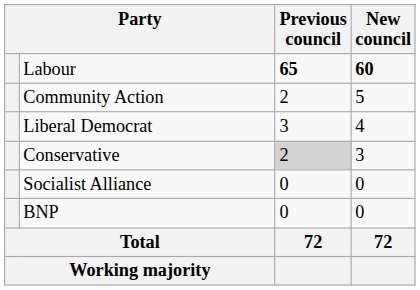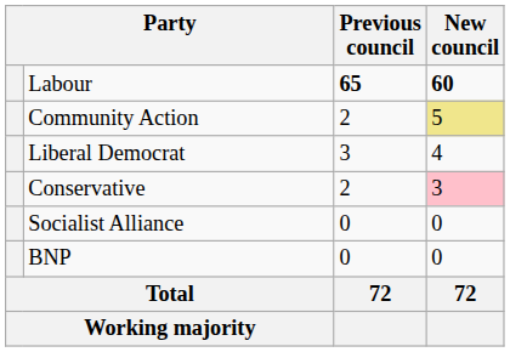 <table class="wikitable">
 <tr>
 <th valign=top colspan="2" style="width: 230px">Party</th>
 <th valign=top style="width: 30px">Previous council</th>
 <th valign=top style="width: 30px">New council</th>
 </tr>
 <tr>
 <th style="background-color: "></th>
 <td>Labour</td>
 <td><strong>65</strong></td>
 <td><strong>60</strong></td>
 </tr>
 <tr>
 <th style="background-color: "></th>
 <td>Community Action</td>
 <td>2</td>
-<td>5</td>
+<td style="background: khaki;">5</td>
 </tr>
 <tr>
 <th style="background-color: "></th>
 <td>Liberal Democrat</td>
 <td>3</td>
 <td>4</td>
 </tr>
 <tr>
 <th style="background-color: "></th>
 <td>Conservative</td>
-<td style="background: lightgrey;">2</td>
-<td>3</td>
+<td>2</td>
+<td style="background: pink;">3</td>
 </tr>
 <tr>
 <th style="background-color: "></th>
 <td>Socialist Alliance</td>
 <td>0</td>
 <td>0</td>
 </tr>
 <tr>
 <th style="background-color: "></th>
 <td>BNP</td>
 <td>0</td>
 <td>0</td>
 </tr>
 <tr>
 <th colspan=2>Total</th>
 <th style="text-align: center">72</th>
 <th colspan=3>72</th>
 </tr>
 <tr>
 <th colspan=2>Working majority</th>
 <th></th>
 <th></th>
 </tr>
 </table>
